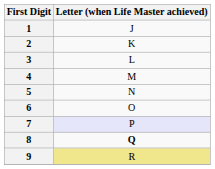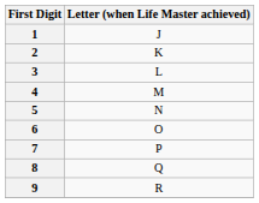 <table class="wikitable" style="text-align:center">
 <tr>
 <th>First Digit</th>
 <th>Letter (when Life Master achieved)</th>
 </tr>
 <tr>
 <th>1</th>
 <td>J</td>
 </tr>
 <tr>
 <th>2</th>
 <td>K</td>
 </tr>
 <tr>
 <th>3</th>
 <td>L</td>
 </tr>
 <tr>
 <th>4</th>
 <td>M</td>
 </tr>
 <tr>
 <th>5</th>
 <td>N</td>
 </tr>
 <tr>
 <th>6</th>
 <td>O</td>
 </tr>
 <tr>
 <th>7</th>
-<td style="background: lavender;">P</td>
+<td>P</td>
 </tr>
 <tr>
 <th>8</th>
-<td><strong>Q</strong></td>
+<td>Q</td>
 </tr>
 <tr>
 <th>9</th>
-<td style="background: khaki;">R</td>
+<td>R</td>
 </tr>
 <tr>
 </tr>
 </table>
